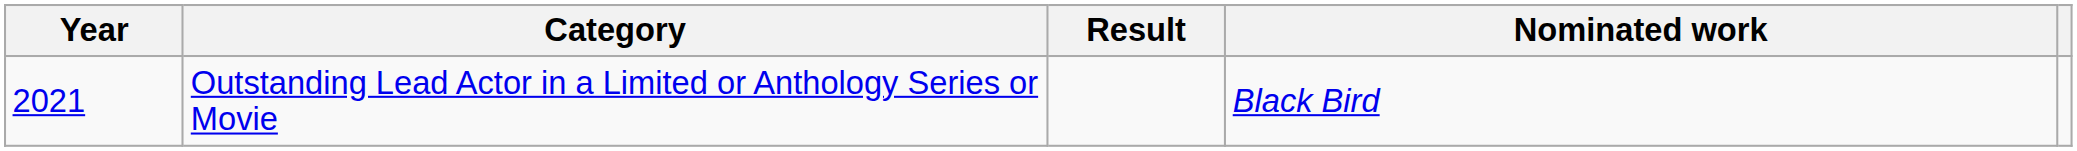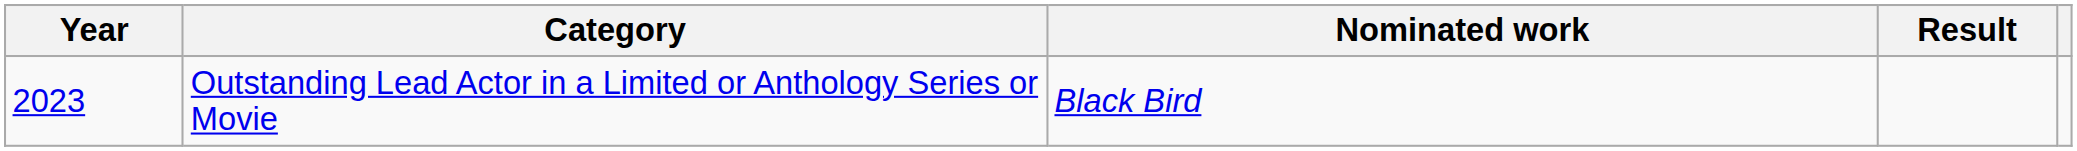 <table class=wikitable>
 <tr>
 <th scope="col" style="width:5em;">Year</th>
 <th scope="col" style="width:26em;">Category</th>
+<th scope="col" style="width:25em;">Nominated work</th>
 <th scope="col" style="width:5em;">Result</th>
-<th scope="col" style="width:25em;">Nominated work</th>
 <th></th>
 </tr>
 <tr>
-<td><a href='#'>2021</a></td>
+<td><a href='#'>2023</a></td>
 <td><a href='#'>Outstanding Lead Actor in a Limited or Anthology Series or Movie</a></td>
+<td><em><a href='#'>Black Bird</a></em></td>
 <td></td>
-<td><em><a href='#'>Black Bird</a></em></td>
 <td align="center"></td>
 </tr>
 </table>
